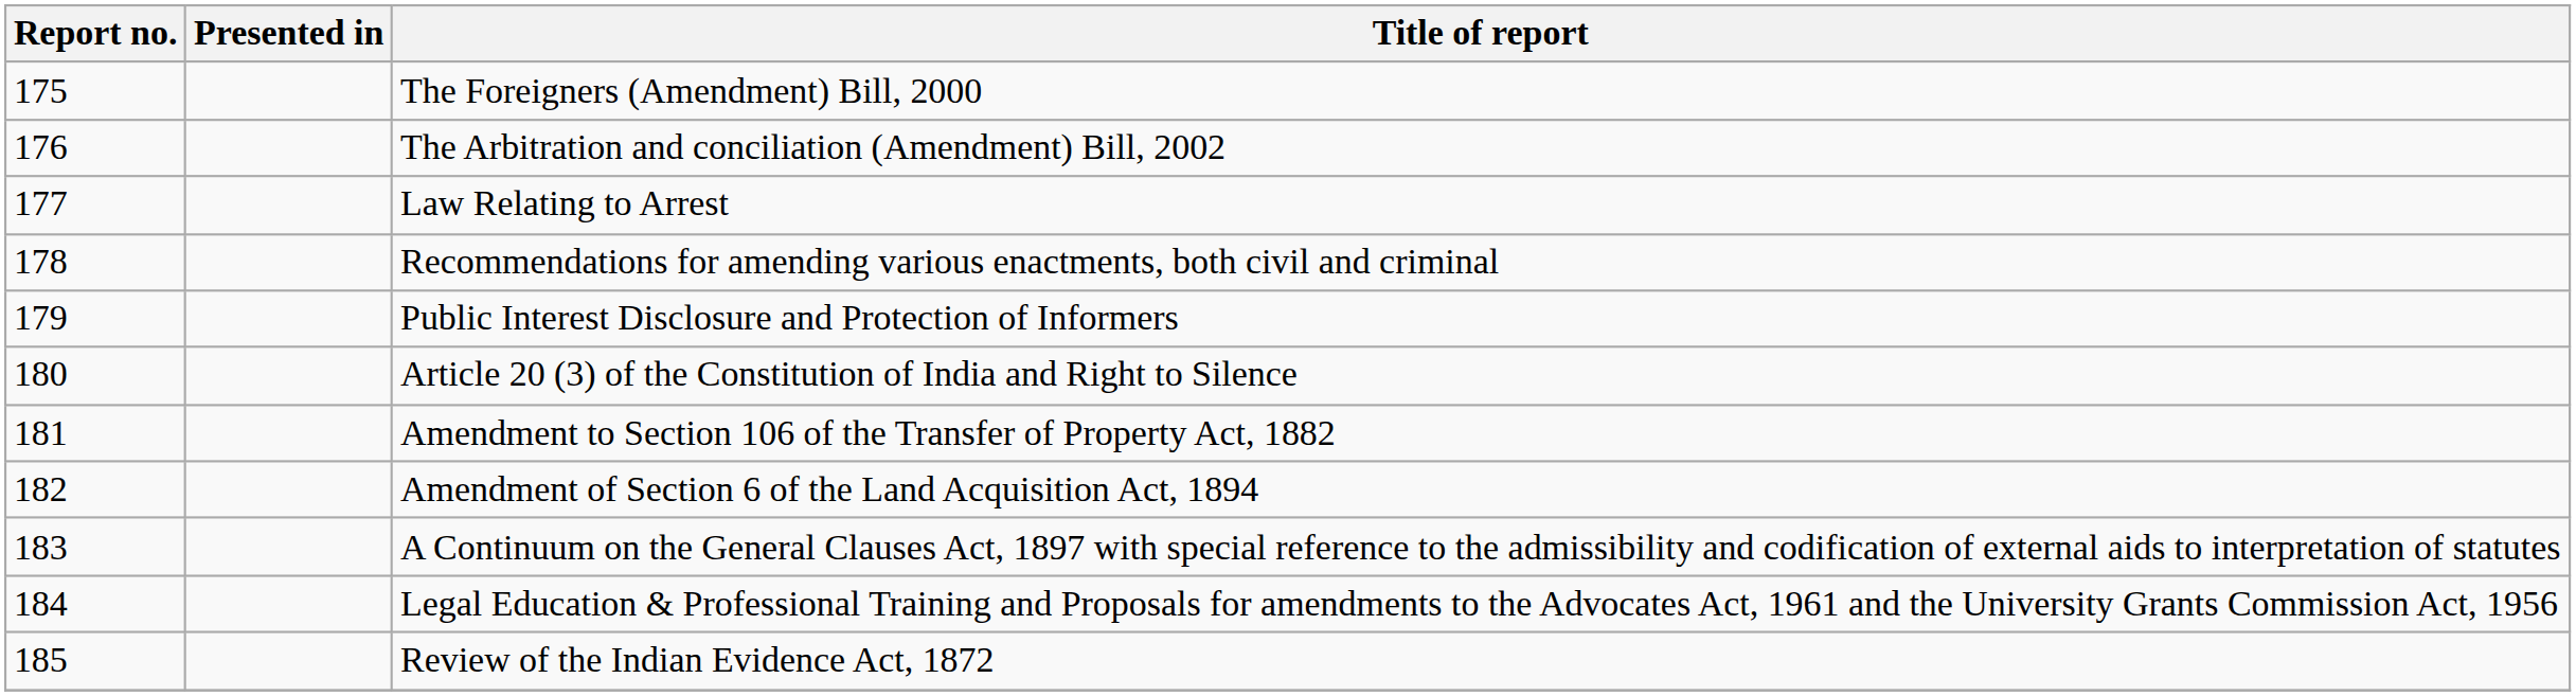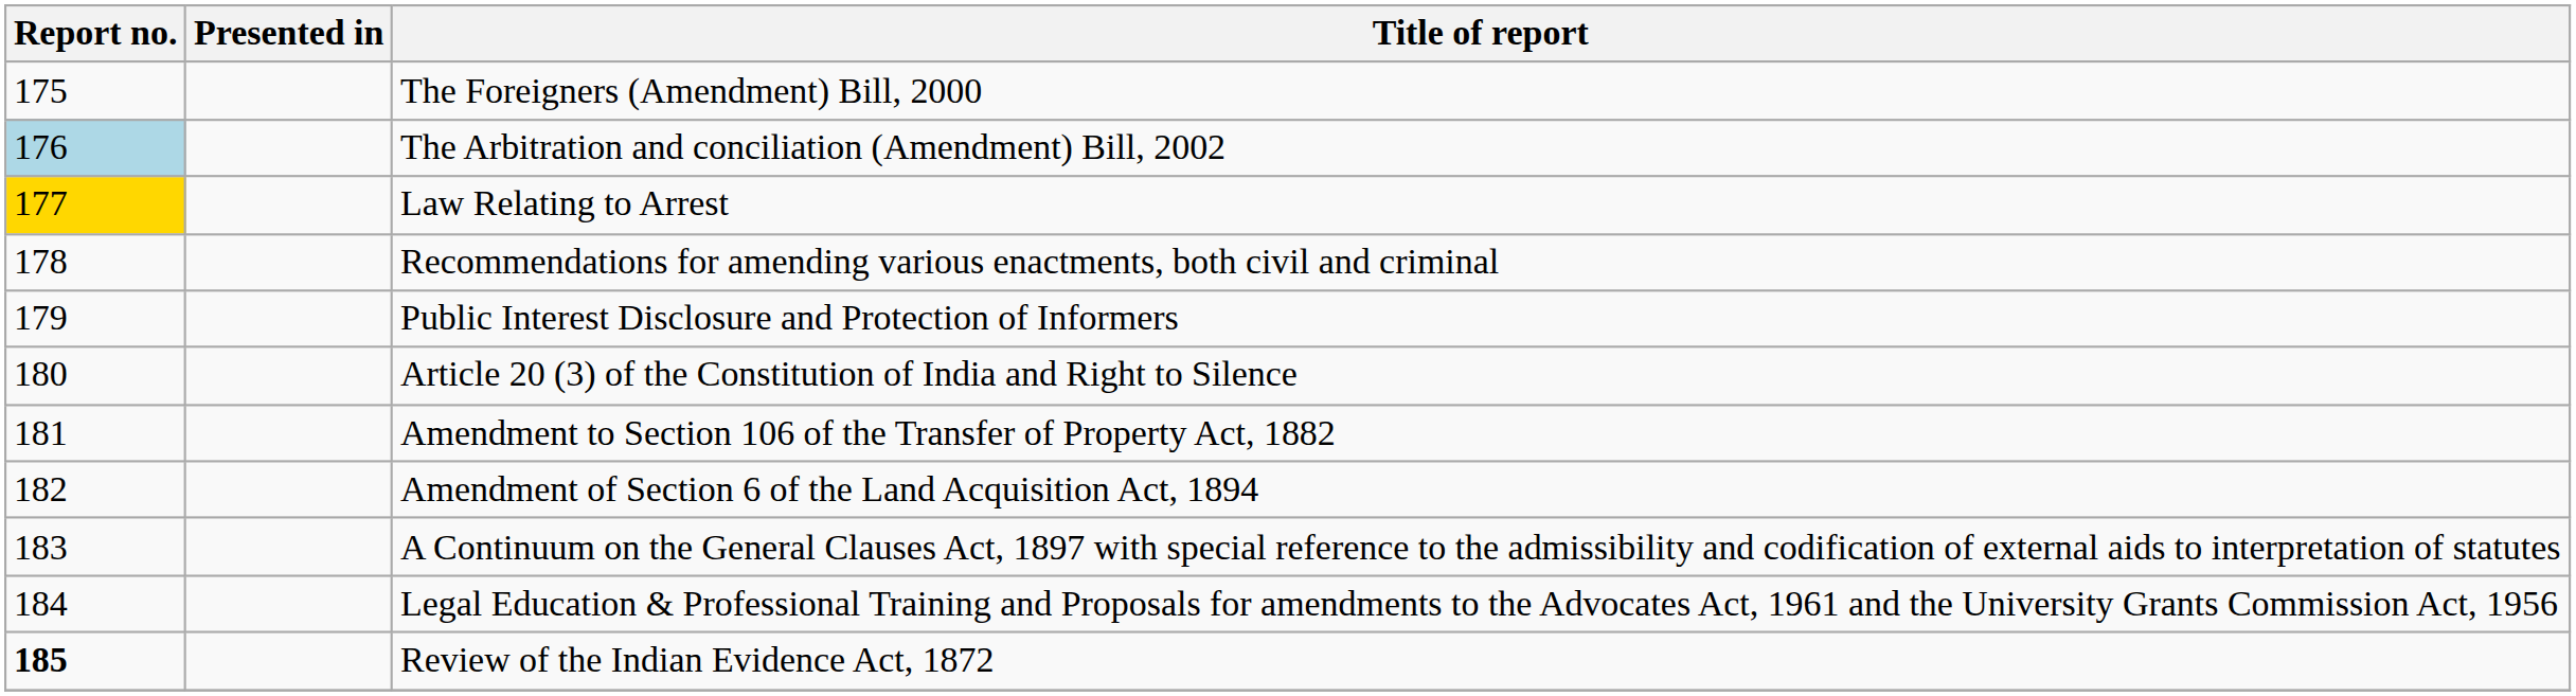 <table class="wikitable">
 <tr>
 <th>Report no.</th>
 <th>Presented in</th>
 <th>Title of report</th>
 </tr>
 <tr>
 <td>175</td>
 <td></td>
 <td>The Foreigners (Amendment) Bill, 2000</td>
 </tr>
 <tr>
-<td>176</td>
+<td style="background: lightblue;">176</td>
 <td></td>
 <td>The Arbitration and conciliation (Amendment) Bill, 2002</td>
 </tr>
 <tr>
-<td>177</td>
+<td style="background: gold;">177</td>
 <td></td>
 <td>Law Relating to Arrest</td>
 </tr>
 <tr>
 <td>178</td>
 <td></td>
 <td>Recommendations for amending various enactments, both civil and criminal</td>
 </tr>
 <tr>
 <td>179</td>
 <td></td>
 <td>Public Interest Disclosure and Protection of Informers</td>
 </tr>
 <tr>
 <td>180</td>
 <td></td>
 <td>Article 20 (3) of the Constitution of India and Right to Silence</td>
 </tr>
 <tr>
 <td>181</td>
 <td></td>
 <td>Amendment to Section 106 of the Transfer of Property Act, 1882</td>
 </tr>
 <tr>
 <td>182</td>
 <td></td>
 <td>Amendment of Section 6 of the Land Acquisition Act, 1894</td>
 </tr>
 <tr>
 <td>183</td>
 <td></td>
 <td>A Continuum on the General Clauses Act, 1897 with special reference to the admissibility and codification of external aids to interpretation of statutes</td>
 </tr>
 <tr>
 <td>184</td>
 <td></td>
 <td>Legal Education & Professional Training and Proposals for amendments to the Advocates Act, 1961 and the University Grants Commission Act, 1956</td>
 </tr>
 <tr>
-<td>185</td>
+<td><strong>185</strong></td>
 <td></td>
 <td>Review of the Indian Evidence Act, 1872</td>
 </tr>
 <tr>
 </tr>
 </table>
